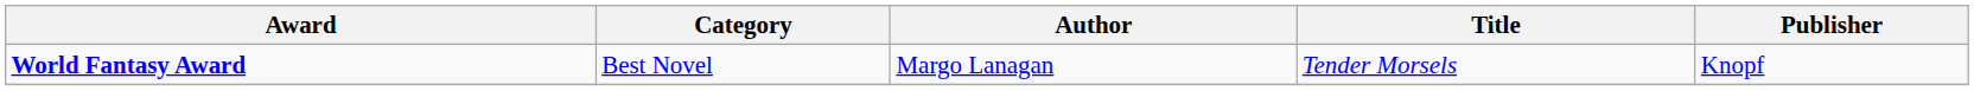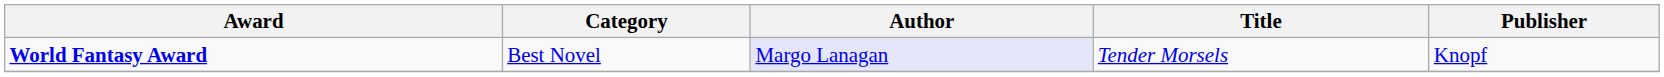 <table class="wikitable" width=100%>
 <tr>
 <th>Award</th>
 <th>Category</th>
 <th>Author</th>
 <th>Title</th>
 <th>Publisher</th>
 </tr>
 <tr>
 <td><strong><a href='#'>World Fantasy Award</a></strong></td>
 <td><a href='#'>Best Novel</a></td>
-<td><a href='#'>Margo Lanagan</a></td>
+<td style="background: lavender;"><a href='#'>Margo Lanagan</a></td>
 <td><em><a href='#'>Tender Morsels</a></em></td>
 <td><a href='#'>Knopf</a></td>
 </tr>
 <tr>
 </tr>
 </table>
